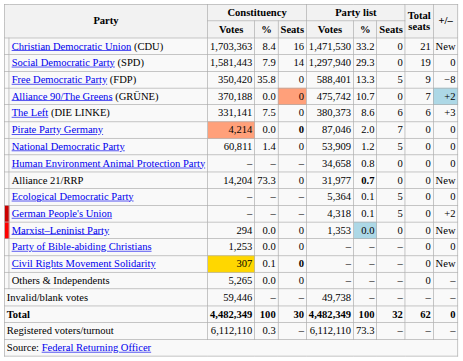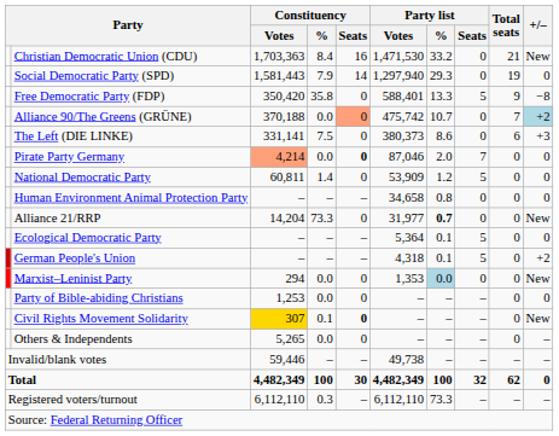 <table class="wikitable" style="text-align:right">
 <tr>
 <th colspan="2" rowspan="2">Party</th>
 <th colspan="3">Constituency</th>
 <th colspan="3">Party list</th>
 <th rowspan="2">Total<br>seats</th>
 <th rowspan="2">+/–</th>
 </tr>
 <tr>
 <th>Votes</th>
 <th>%</th>
 <th>Seats</th>
 <th>Votes</th>
 <th>%</th>
 <th>Seats</th>
 </tr>
 <tr>
 <td></td>
 <td align="left"><a href='#'>Christian Democratic Union</a> (CDU)</td>
 <td>1,703,363</td>
 <td>8.4</td>
 <td>16</td>
 <td>1,471,530</td>
 <td>33.2</td>
 <td>0</td>
 <td>21</td>
 <td>New</td>
 </tr>
 <tr>
 <td></td>
 <td align="left"><a href='#'>Social Democratic Party</a> (SPD)</td>
 <td>1,581,443</td>
 <td>7.9</td>
 <td>14</td>
 <td>1,297,940</td>
 <td>29.3</td>
 <td>0</td>
 <td>19</td>
 <td>0</td>
 </tr>
 <tr>
 <td></td>
 <td align="left"><a href='#'>Free Democratic Party</a> (FDP)</td>
 <td>350,420</td>
 <td>35.8</td>
 <td>0</td>
 <td>588,401</td>
 <td>13.3</td>
 <td>5</td>
 <td>9</td>
 <td>−8</td>
 </tr>
 <tr>
 <td></td>
 <td align="left"><a href='#'>Alliance 90/The Greens</a> (GRÜNE)</td>
 <td>370,188</td>
 <td>0.0</td>
 <td style="background: lightsalmon;">0</td>
 <td>475,742</td>
 <td>10.7</td>
 <td>0</td>
 <td>7</td>
 <td style="background: lightblue;">+2</td>
 </tr>
 <tr>
 <td></td>
 <td align="left"><a href='#'>The Left</a> (DIE LINKE)</td>
 <td>331,141</td>
 <td>7.5</td>
 <td>0</td>
 <td>380,373</td>
 <td>8.6</td>
-<td>6</td>
+<td>0</td>
 <td>6</td>
 <td>+3</td>
 </tr>
 <tr>
 <td style="background-color:"></td>
 <td align="left"><a href='#'>Pirate Party Germany</a></td>
 <td style="background: lightsalmon;">4,214</td>
 <td>0.0</td>
 <td><strong>0</strong></td>
 <td>87,046</td>
 <td>2.0</td>
 <td>7</td>
 <td>0</td>
 <td>0</td>
 </tr>
 <tr>
 <td style="background-color:"></td>
 <td align="left"><a href='#'>National Democratic Party</a></td>
 <td>60,811</td>
 <td>1.4</td>
 <td>0</td>
 <td>53,909</td>
 <td>1.2</td>
 <td>5</td>
 <td>0</td>
 <td>0</td>
 </tr>
 <tr>
 <td style="background-color:"></td>
 <td align="left"><a href='#'>Human Environment Animal Protection Party</a></td>
 <td>–</td>
 <td>–</td>
 <td>–</td>
 <td>34,658</td>
 <td>0.8</td>
 <td>0</td>
 <td>0</td>
 <td>0</td>
 </tr>
 <tr>
 <td></td>
 <td align="left">Alliance 21/RRP</td>
 <td>14,204</td>
 <td>73.3</td>
 <td>0</td>
 <td>31,977</td>
 <td><strong>0.7</strong></td>
 <td>0</td>
 <td>0</td>
 <td>New</td>
 </tr>
 <tr>
 <td style="background-color:"></td>
 <td align="left"><a href='#'>Ecological Democratic Party</a></td>
 <td>–</td>
 <td>–</td>
 <td>–</td>
 <td>5,364</td>
 <td>0.1</td>
 <td>5</td>
 <td>0</td>
 <td>0</td>
 </tr>
 <tr>
 <td style="background-color:#CC0000"></td>
 <td align="left"><a href='#'>German People's Union</a></td>
 <td>–</td>
 <td>–</td>
 <td>–</td>
 <td>4,318</td>
 <td>0.1</td>
 <td>5</td>
 <td>0</td>
 <td>+2</td>
 </tr>
 <tr>
 <td style="background-color:red"></td>
 <td align="left"><a href='#'>Marxist–Leninist Party</a></td>
 <td>294</td>
 <td>0.0</td>
 <td>0</td>
 <td>1,353</td>
 <td style="background: lightblue;">0.0</td>
 <td>0</td>
 <td>0</td>
 <td>New</td>
 </tr>
 <tr>
 <td></td>
 <td align="left"><a href='#'>Party of Bible-abiding Christians</a></td>
 <td>1,253</td>
 <td>0.0</td>
 <td>0</td>
 <td>–</td>
 <td>–</td>
 <td>–</td>
 <td>0</td>
 <td>0</td>
 </tr>
 <tr>
 <td></td>
 <td align="left"><a href='#'>Civil Rights Movement Solidarity</a></td>
 <td style="background: gold;">307</td>
 <td>0.1</td>
 <td><strong>0</strong></td>
 <td>–</td>
 <td>–</td>
 <td>–</td>
 <td>0</td>
 <td>New</td>
 </tr>
 <tr>
 <td></td>
 <td align="left">Others & Independents</td>
 <td>5,265</td>
 <td>0.0</td>
 <td>0</td>
 <td>–</td>
 <td>–</td>
 <td>–</td>
 <td>0</td>
 <td>–</td>
 </tr>
 <tr>
 <td colspan="2" align="left">Invalid/blank votes</td>
 <td>59,446</td>
 <td>–</td>
 <td>–</td>
 <td>49,738</td>
 <td>–</td>
 <td>–</td>
 <td>–</td>
 <td>–</td>
 </tr>
 <tr>
 <td colspan="2" align="left"><strong>Total</strong></td>
 <td><strong>4,482,349</strong></td>
 <td><strong>100</strong></td>
 <td><strong>30</strong></td>
 <td><strong>4,482,349</strong></td>
 <td><strong>100</strong></td>
 <td><strong>32</strong></td>
 <td><strong>62</strong></td>
 <td><strong>0</strong></td>
 </tr>
 <tr>
 <td colspan="2" align="left">Registered voters/turnout</td>
 <td>6,112,110</td>
 <td>0.3</td>
 <td>–</td>
 <td>6,112,110</td>
 <td>73.3</td>
 <td>–</td>
 <td>–</td>
 <td>–</td>
 </tr>
 <tr>
 <td colspan="10" align="left">Source: <a href='#'>Federal Returning Officer</a></td>
 </tr>
 </table>
